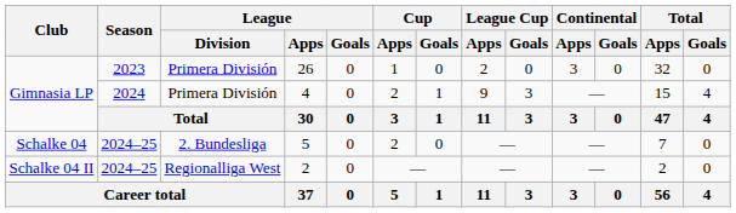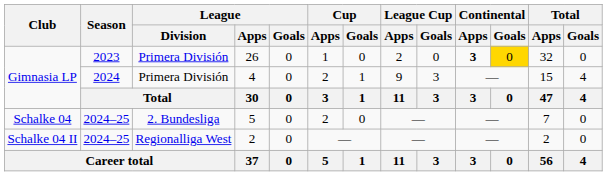 <table class="wikitable nowrap" style="text-align:center">
 <tr>
 <th rowspan="2">Club</th>
 <th rowspan="2">Season</th>
 <th colspan="3">League</th>
 <th colspan="2">Cup</th>
 <th colspan="2">League Cup</th>
 <th colspan="2">Continental</th>
 <th colspan="2">Total</th>
 </tr>
 <tr>
 <th>Division</th>
 <th>Apps</th>
 <th>Goals</th>
 <th>Apps</th>
 <th>Goals</th>
 <th>Apps</th>
 <th>Goals</th>
 <th>Apps</th>
 <th>Goals</th>
 <th>Apps</th>
 <th>Goals</th>
 </tr>
 <tr>
 <td rowspan="3"><a href='#'>Gimnasia LP</a></td>
 <td><a href='#'>2023</a></td>
 <td><a href='#'>Primera División</a></td>
 <td>26</td>
 <td>0</td>
 <td>1</td>
 <td>0</td>
 <td>2</td>
 <td>0</td>
-<td>3</td>
-<td>0</td>
+<td><strong>3</strong></td>
+<td style="background: gold;">0</td>
 <td>32</td>
 <td>0</td>
 </tr>
 <tr>
 <td><a href='#'>2024</a></td>
 <td>Primera División</td>
 <td>4</td>
 <td>0</td>
 <td>2</td>
 <td>1</td>
 <td>9</td>
 <td>3</td>
 <td colspan="2">—</td>
 <td>15</td>
 <td>4</td>
 </tr>
 <tr>
 <th colspan="2">Total</th>
 <th>30</th>
 <th>0</th>
 <th>3</th>
 <th>1</th>
 <th>11</th>
 <th>3</th>
 <th>3</th>
 <th>0</th>
 <th>47</th>
 <th>4</th>
 </tr>
 <tr>
 <td><a href='#'>Schalke 04</a></td>
 <td><a href='#'>2024–25</a></td>
 <td><a href='#'>2. Bundesliga</a></td>
 <td>5</td>
 <td>0</td>
 <td>2</td>
 <td>0</td>
 <td colspan="2">—</td>
 <td colspan="2">—</td>
 <td>7</td>
 <td>0</td>
 </tr>
 <tr>
 <td><a href='#'>Schalke 04 II</a></td>
 <td><a href='#'>2024–25</a></td>
 <td><a href='#'>Regionalliga West</a></td>
 <td>2</td>
 <td>0</td>
 <td colspan="2">—</td>
 <td colspan="2">—</td>
 <td colspan="2">—</td>
 <td>2</td>
 <td>0</td>
 </tr>
 <tr>
 <th colspan="3">Career total</th>
 <th>37</th>
 <th>0</th>
 <th>5</th>
 <th>1</th>
 <th>11</th>
 <th>3</th>
 <th>3</th>
 <th>0</th>
 <th>56</th>
 <th>4</th>
 </tr>
 </table>
